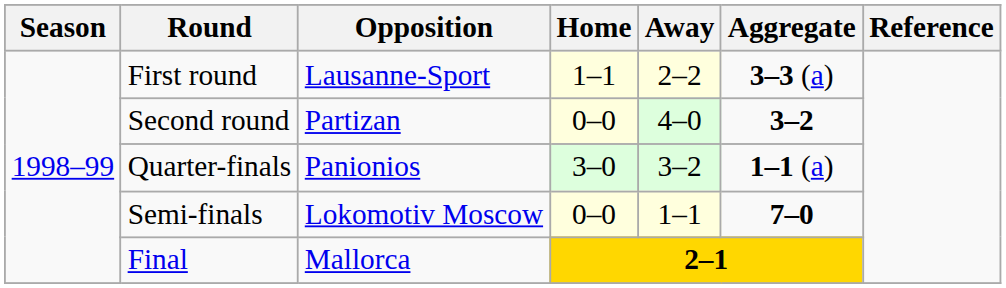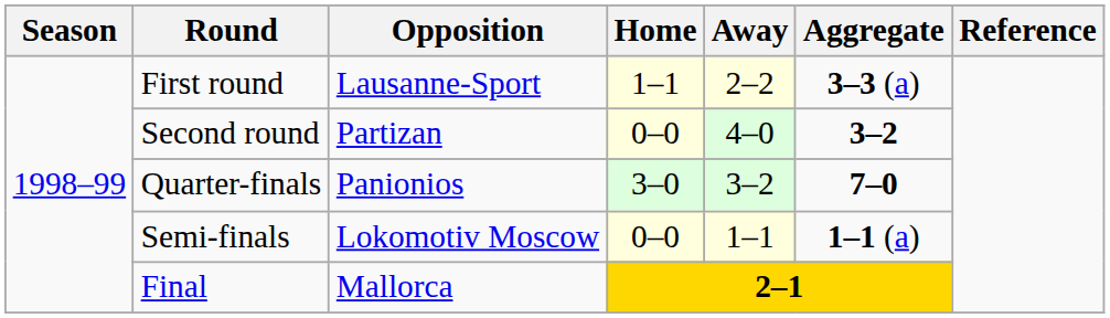 <table class="wikitable">
 <tr>
 <th>Season</th>
 <th>Round</th>
 <th>Opposition</th>
 <th>Home</th>
 <th>Away</th>
 <th>Aggregate</th>
 <th>Reference</th>
 </tr>
 <tr>
 <td rowspan=5><a href='#'>1998–99</a></td>
 <td>First round</td>
 <td> <a href='#'>Lausanne-Sport</a></td>
 <td style="text-align:center; background:#ffd;">1–1</td>
 <td style="text-align:center; background:#ffd;">2–2</td>
 <td style="text-align:center;"><strong>3–3</strong> (<a href='#'>a</a>)</td>
 <td rowspan="5" style="text-align:center;"></td>
 </tr>
 <tr>
 <td>Second round</td>
 <td> <a href='#'>Partizan</a></td>
 <td style="text-align:center; background:#ffd;">0–0</td>
 <td style="text-align:center; background:#dfd;">4–0</td>
 <td style="text-align:center;"><strong>3–2</strong></td>
 </tr>
 <tr>
 <td>Quarter-finals</td>
 <td> <a href='#'>Panionios</a></td>
 <td style="text-align:center; background:#dfd;">3–0</td>
 <td style="text-align:center; background:#dfd;">3–2</td>
-<td style="text-align:center;"><strong>1–1</strong> (<a href='#'>a</a>)</td>
+<td style="text-align:center;"><strong>7–0</strong></td>
 </tr>
 <tr>
 <td>Semi-finals</td>
 <td> <a href='#'>Lokomotiv Moscow</a></td>
 <td style="text-align:center; background:#ffd;">0–0</td>
 <td style="text-align:center; background:#ffd;">1–1</td>
-<td style="text-align:center;"><strong>7–0</strong></td>
+<td style="text-align:center;"><strong>1–1</strong> (<a href='#'>a</a>)</td>
 </tr>
 <tr>
 <td><a href='#'>Final</a></td>
 <td> <a href='#'>Mallorca</a></td>
 <td bgcolor="gold" colspan="3" style="text-align:center;"><strong>2–1</strong></td>
 </tr>
 </table>
